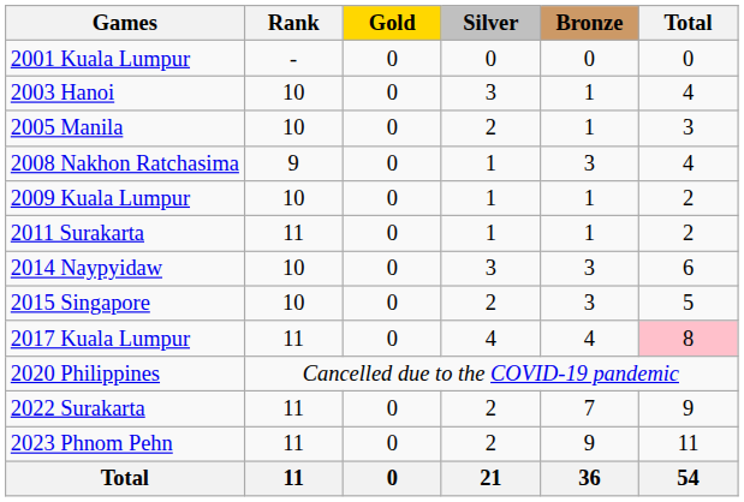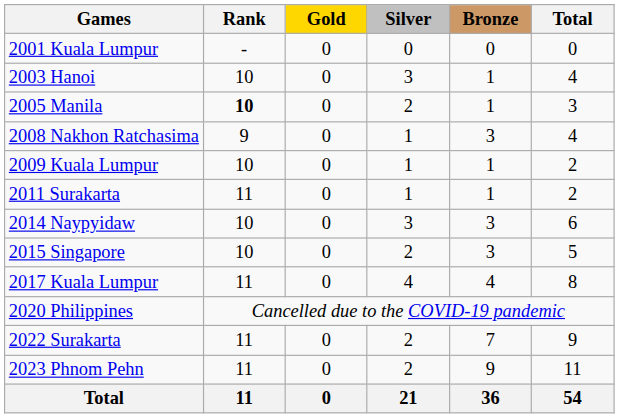 <table class="wikitable sortable" style="margin-top:0em; text-align:center; font-size:100%;">
 <tr>
 <th>Games</th>
 <th style="width:4em;">Rank</th>
 <th style="background:gold; width:4em;"><strong>Gold</strong></th>
 <th style="background:silver; width:4em;"><strong>Silver</strong></th>
 <th style="background:#cc9966; width:4em;"><strong>Bronze</strong></th>
 <th style="width:4em;">Total</th>
 </tr>
 <tr>
 <td align=left><a href='#'>2001 Kuala Lumpur</a></td>
 <td>-</td>
 <td>0</td>
 <td>0</td>
 <td>0</td>
 <td>0</td>
 </tr>
 <tr>
 <td align=left><a href='#'>2003 Hanoi</a></td>
 <td>10</td>
 <td>0</td>
 <td>3</td>
 <td>1</td>
 <td>4</td>
 </tr>
 <tr>
 <td align=left><a href='#'>2005 Manila</a></td>
-<td>10</td>
+<td><strong>10</strong></td>
 <td>0</td>
 <td>2</td>
 <td>1</td>
 <td>3</td>
 </tr>
 <tr>
 <td align=left><a href='#'>2008 Nakhon Ratchasima</a></td>
 <td>9</td>
 <td>0</td>
 <td>1</td>
 <td>3</td>
 <td>4</td>
 </tr>
 <tr>
 <td align=left><a href='#'>2009 Kuala Lumpur</a></td>
 <td>10</td>
 <td>0</td>
 <td>1</td>
 <td>1</td>
 <td>2</td>
 </tr>
 <tr>
 <td align=left><a href='#'>2011 Surakarta</a></td>
 <td>11</td>
 <td>0</td>
 <td>1</td>
 <td>1</td>
 <td>2</td>
 </tr>
 <tr>
 <td align=left><a href='#'>2014 Naypyidaw</a></td>
 <td>10</td>
 <td>0</td>
 <td>3</td>
 <td>3</td>
 <td>6</td>
 </tr>
 <tr>
 <td align=left><a href='#'>2015 Singapore</a></td>
 <td>10</td>
 <td>0</td>
 <td>2</td>
 <td>3</td>
 <td>5</td>
 </tr>
 <tr>
 <td align=left><a href='#'>2017 Kuala Lumpur</a></td>
 <td>11</td>
 <td>0</td>
 <td>4</td>
 <td>4</td>
-<td style="background: pink;">8</td>
+<td>8</td>
 </tr>
 <tr>
 <td align=left><a href='#'>2020 Philippines</a></td>
 <td colspan=5><em>Cancelled due to the <a href='#'>COVID-19 pandemic</a></em></td>
 </tr>
 <tr>
 <td align=left><a href='#'>2022 Surakarta</a></td>
 <td>11</td>
 <td>0</td>
 <td>2</td>
 <td>7</td>
 <td>9</td>
 </tr>
 <tr>
 <td align=left><a href='#'>2023 Phnom Pehn</a></td>
 <td>11</td>
 <td>0</td>
 <td>2</td>
 <td>9</td>
 <td>11</td>
 </tr>
 <tr>
 <th>Total</th>
 <th>11</th>
 <th>0</th>
 <th>21</th>
 <th>36</th>
 <th>54</th>
 </tr>
 </table>
